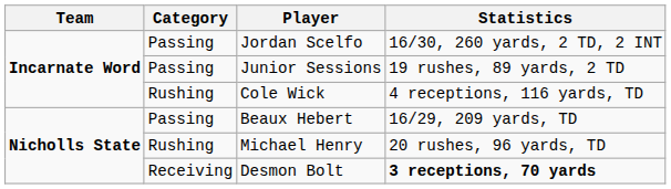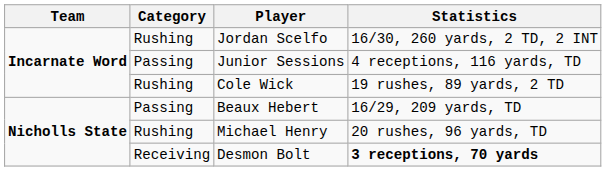 <table class="wikitable" style="float: left;">
 <tr>
 <th>Team</th>
 <th>Category</th>
 <th>Player</th>
 <th>Statistics</th>
 </tr>
 <tr>
 <td rowspan=3><strong>Incarnate Word</strong></td>
-<td>Passing</td>
+<td>Rushing</td>
 <td>Jordan Scelfo</td>
 <td>16/30, 260 yards, 2 TD, 2 INT</td>
 </tr>
 <tr>
 <td>Passing</td>
 <td>Junior Sessions</td>
-<td>19 rushes, 89 yards, 2 TD</td>
+<td>4 receptions, 116 yards, TD</td>
 </tr>
 <tr>
 <td>Rushing</td>
 <td>Cole Wick</td>
-<td>4 receptions, 116 yards, TD</td>
+<td>19 rushes, 89 yards, 2 TD</td>
 </tr>
 <tr>
 <td rowspan=3><strong>Nicholls State</strong></td>
 <td>Passing</td>
 <td>Beaux Hebert</td>
 <td>16/29, 209 yards, TD</td>
 </tr>
 <tr>
 <td>Rushing</td>
 <td>Michael Henry</td>
 <td>20 rushes, 96 yards, TD</td>
 </tr>
 <tr>
 <td>Receiving</td>
 <td>Desmon Bolt</td>
 <td><strong>3 receptions, 70 yards</strong></td>
 </tr>
 </table>
